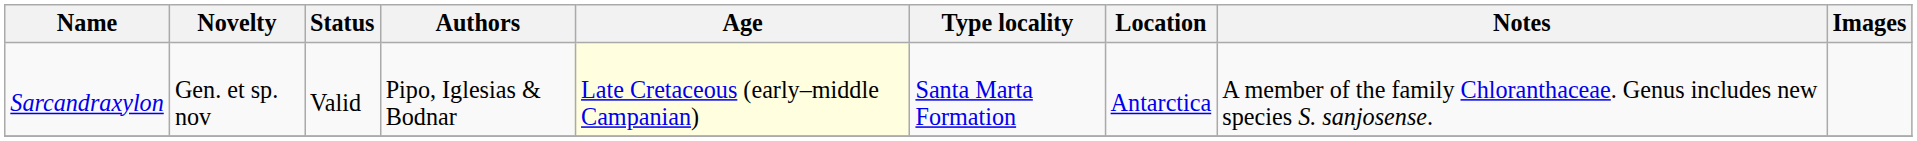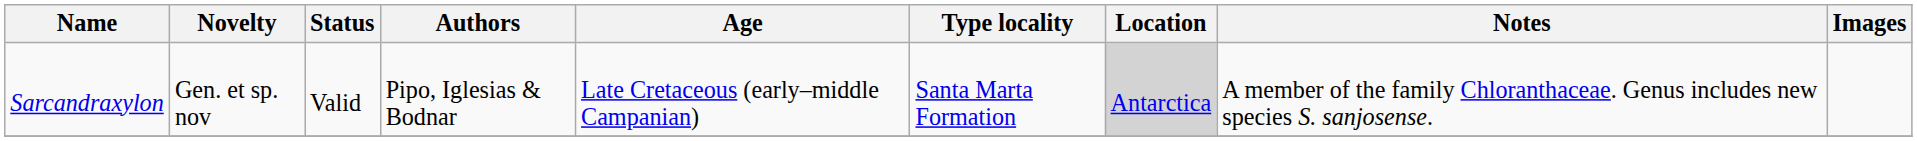 <table class="wikitable sortable" align="center" width="100%">
 <tr>
 <th>Name</th>
 <th>Novelty</th>
 <th>Status</th>
 <th>Authors</th>
 <th>Age</th>
 <th>Type locality</th>
 <th>Location</th>
 <th>Notes</th>
 <th>Images</th>
 </tr>
 <tr>
 <td><br><em><a href='#'>Sarcandraxylon</a></em></td>
 <td><br>Gen. et sp. nov</td>
 <td><br>Valid</td>
 <td><br>Pipo, Iglesias & Bodnar</td>
-<td style="background: lightyellow;"><br><a href='#'>Late Cretaceous</a> (early–middle <a href='#'>Campanian</a>)</td>
+<td><br><a href='#'>Late Cretaceous</a> (early–middle <a href='#'>Campanian</a>)</td>
 <td><br><a href='#'>Santa Marta Formation</a></td>
-<td><br><a href='#'>Antarctica</a></td>
+<td style="background: lightgrey;"><br><a href='#'>Antarctica</a></td>
 <td><br>A member of the family <a href='#'>Chloranthaceae</a>. Genus includes new species <em>S. sanjosense</em>.</td>
 <td></td>
 </tr>
 <tr>
 </tr>
 </table>
